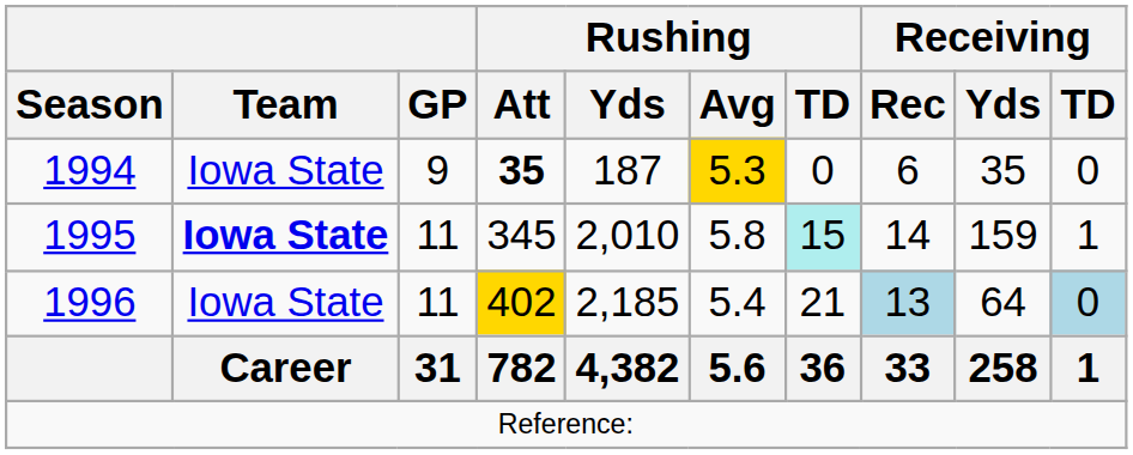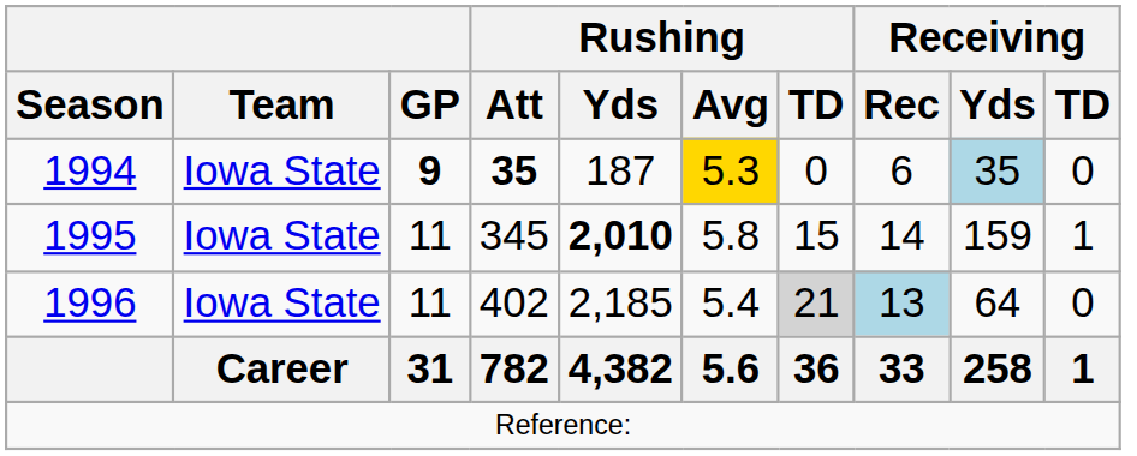 <table class="wikitable" border="1">
 <tr>
 <th colspan=3></th>
 <th colspan=4>Rushing</th>
 <th colspan=3>Receiving</th>
 </tr>
 <tr>
 <th>Season</th>
 <th>Team</th>
 <th>GP</th>
 <th>Att</th>
 <th>Yds</th>
 <th>Avg</th>
 <th>TD</th>
 <th>Rec</th>
 <th>Yds</th>
 <th>TD</th>
 </tr>
 <tr style="text-align:center;">
 <td><a href='#'>1994</a></td>
 <td><a href='#'>Iowa State</a></td>
-<td>9</td>
+<td><strong>9</strong></td>
 <td><strong>35</strong></td>
 <td>187</td>
 <td style="background: gold;">5.3</td>
 <td>0</td>
 <td>6</td>
-<td>35</td>
+<td style="background: lightblue;">35</td>
 <td>0</td>
 </tr>
 <tr style="text-align:center;">
 <td><a href='#'>1995</a></td>
-<td><strong><a href='#'>Iowa State</a></strong></td>
+<td><a href='#'>Iowa State</a></td>
 <td>11</td>
 <td>345</td>
-<td>2,010</td>
+<td><strong>2,010</strong></td>
 <td>5.8</td>
-<td style="background: paleturquoise;">15</td>
+<td>15</td>
 <td>14</td>
 <td>159</td>
 <td>1</td>
 </tr>
 <tr style="text-align:center;">
 <td><a href='#'>1996</a></td>
 <td><a href='#'>Iowa State</a></td>
 <td>11</td>
-<td style="background: gold;">402</td>
+<td>402</td>
 <td>2,185</td>
 <td>5.4</td>
-<td>21</td>
+<td style="background: lightgrey;">21</td>
 <td style="background: lightblue;">13</td>
 <td>64</td>
-<td style="background: lightblue;">0</td>
+<td>0</td>
 </tr>
 <tr style="text-align:center;">
 <th></th>
 <th>Career</th>
 <th>31</th>
 <th>782</th>
 <th>4,382</th>
 <th>5.6</th>
 <th>36</th>
 <th>33</th>
 <th>258</th>
 <th>1</th>
 </tr>
 <tr>
 <td colspan="15"  style="font-size:8pt; text-align:center;">Reference:</td>
 </tr>
 </table>
